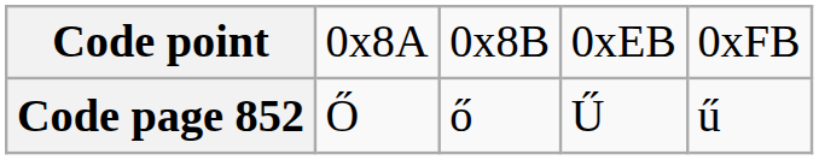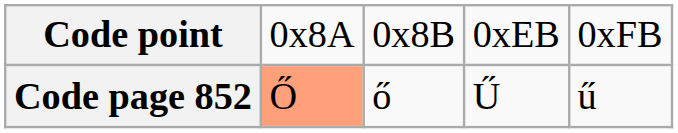 <table class="wikitable">
 <tr ---->
 <th>Code point</th>
 <td>0x8A</td>
 <td>0x8B</td>
 <td>0xEB</td>
 <td>0xFB</td>
 </tr>
 <tr ---->
 <th>Code page 852</th>
-<td>Ő</td>
+<td style="background: lightsalmon;">Ő</td>
 <td>ő</td>
 <td>Ű</td>
 <td>ű</td>
 </tr>
 </table>
